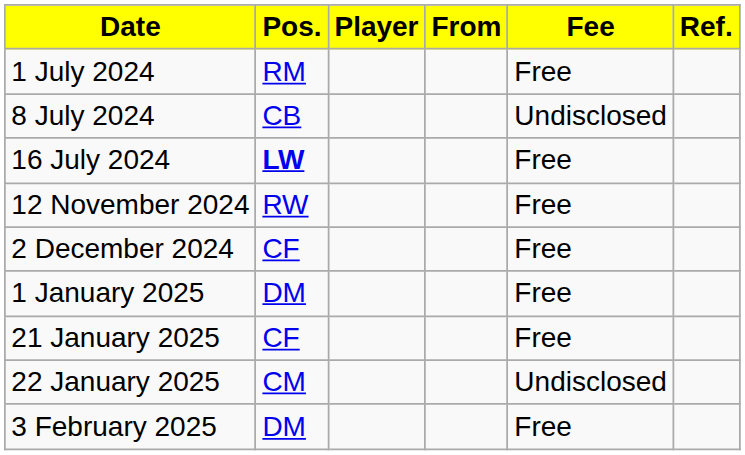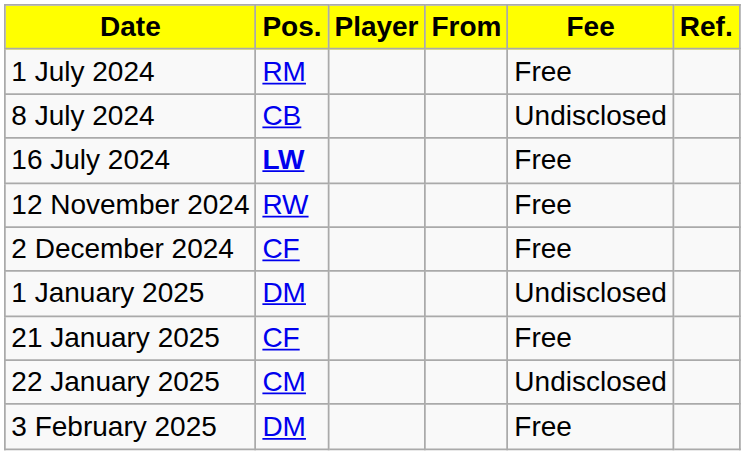 <table class="wikitable plainrowheaders sortable">
 <tr>
 <th style="background: yellow; color: black; ">Date</th>
 <th style="background: yellow; color: black; ">Pos.</th>
 <th style="background: yellow; color: black; ">Player</th>
 <th style="background: yellow; color: black; ">From</th>
 <th style="background: yellow; color: black; ">Fee</th>
 <th style="background: yellow; color: black; ">Ref.</th>
 </tr>
 <tr>
 <td>1 July 2024</td>
 <td><a href='#'>RM</a></td>
 <td></td>
 <td></td>
 <td>Free</td>
 <td></td>
 </tr>
 <tr>
 <td>8 July 2024</td>
 <td><a href='#'>CB</a></td>
 <td></td>
 <td></td>
 <td>Undisclosed</td>
 <td></td>
 </tr>
 <tr>
 <td>16 July 2024</td>
 <td><strong><a href='#'>LW</a></strong></td>
 <td></td>
 <td></td>
 <td>Free</td>
 <td></td>
 </tr>
 <tr>
 <td>12 November 2024</td>
 <td><a href='#'>RW</a></td>
 <td></td>
 <td></td>
 <td>Free</td>
 <td></td>
 </tr>
 <tr>
 <td>2 December 2024</td>
 <td><a href='#'>CF</a></td>
 <td></td>
 <td></td>
 <td>Free</td>
 <td></td>
 </tr>
 <tr>
 <td>1 January 2025</td>
 <td><a href='#'>DM</a></td>
 <td></td>
 <td></td>
-<td>Free</td>
+<td>Undisclosed</td>
 <td></td>
 </tr>
 <tr>
 <td>21 January 2025</td>
 <td><a href='#'>CF</a></td>
 <td></td>
 <td></td>
 <td>Free</td>
 <td></td>
 </tr>
 <tr>
 <td>22 January 2025</td>
 <td><a href='#'>CM</a></td>
 <td></td>
 <td></td>
 <td>Undisclosed</td>
 <td></td>
 </tr>
 <tr>
 <td>3 February 2025</td>
 <td><a href='#'>DM</a></td>
 <td></td>
 <td></td>
 <td>Free</td>
 <td></td>
 </tr>
 </table>
